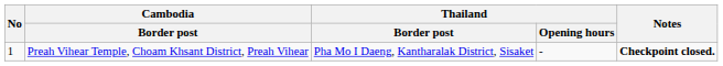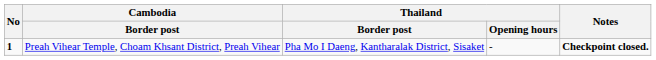 <table class="wikitable">
 <tr>
 <th rowspan="2">No</th>
 <th>Cambodia</th>
 <th colspan="2">Thailand</th>
 <th rowspan="2">Notes</th>
 </tr>
 <tr>
 <th>Border post</th>
 <th>Border post</th>
 <th>Opening hours</th>
 </tr>
 <tr>
-<td>1</td>
+<td><strong>1</strong></td>
 <td><a href='#'>Preah Vihear Temple</a>, <a href='#'>Choam Khsant District</a>, <a href='#'>Preah Vihear</a></td>
 <td><a href='#'>Pha Mo I Daeng</a>, <a href='#'>Kantharalak District</a>, <a href='#'>Sisaket</a></td>
 <td>-</td>
 <td><strong>Checkpoint closed.</strong></td>
 </tr>
 </table>
